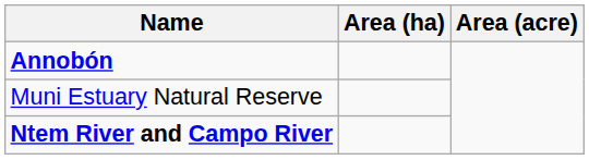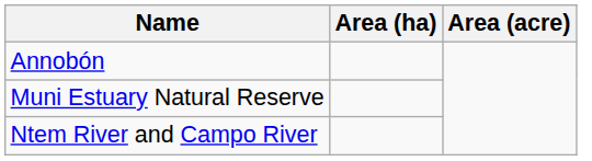 <table class="wikitable sortable">
 <tr>
 <th scope="col" align=left>Name</th>
 <th scope="col">Area (ha)</th>
 <th scope="col">Area (acre)</th>
 </tr>
 <tr ---->
-<td><strong><a href='#'>Annobón</a></strong></td>
+<td><a href='#'>Annobón</a></td>
 <td></td>
 </tr>
 <tr ---->
 <td><a href='#'>Muni Estuary</a> Natural Reserve</td>
 <td></td>
 </tr>
 <tr ---->
-<td><strong><a href='#'>Ntem River</a> and <a href='#'>Campo River</a></strong></td>
+<td><a href='#'>Ntem River</a> and <a href='#'>Campo River</a></td>
 <td></td>
 </tr>
 </table>
